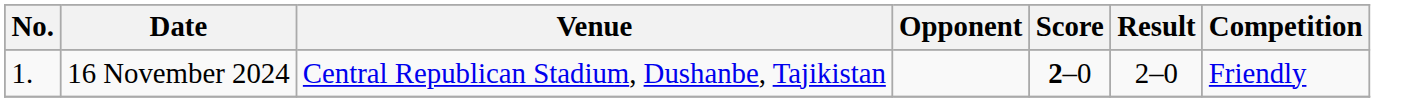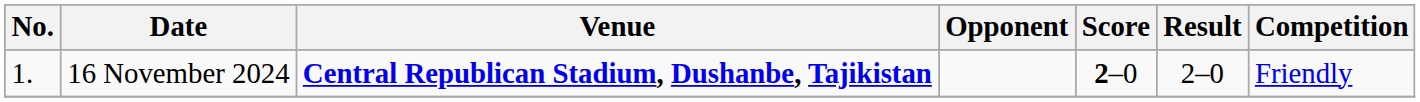 <table class="wikitable">
 <tr>
 <th>No.</th>
 <th>Date</th>
 <th>Venue</th>
 <th>Opponent</th>
 <th>Score</th>
 <th>Result</th>
 <th>Competition</th>
 </tr>
 <tr>
 <td>1.</td>
 <td>16 November 2024</td>
-<td><a href='#'>Central Republican Stadium</a>, <a href='#'>Dushanbe</a>, <a href='#'>Tajikistan</a></td>
+<td><strong><a href='#'>Central Republican Stadium</a>, <a href='#'>Dushanbe</a>, <a href='#'>Tajikistan</a></strong></td>
 <td></td>
 <td align=center><strong>2</strong>–0</td>
 <td align=center>2–0</td>
 <td><a href='#'>Friendly</a></td>
 </tr>
 <tr>
 </tr>
 </table>
